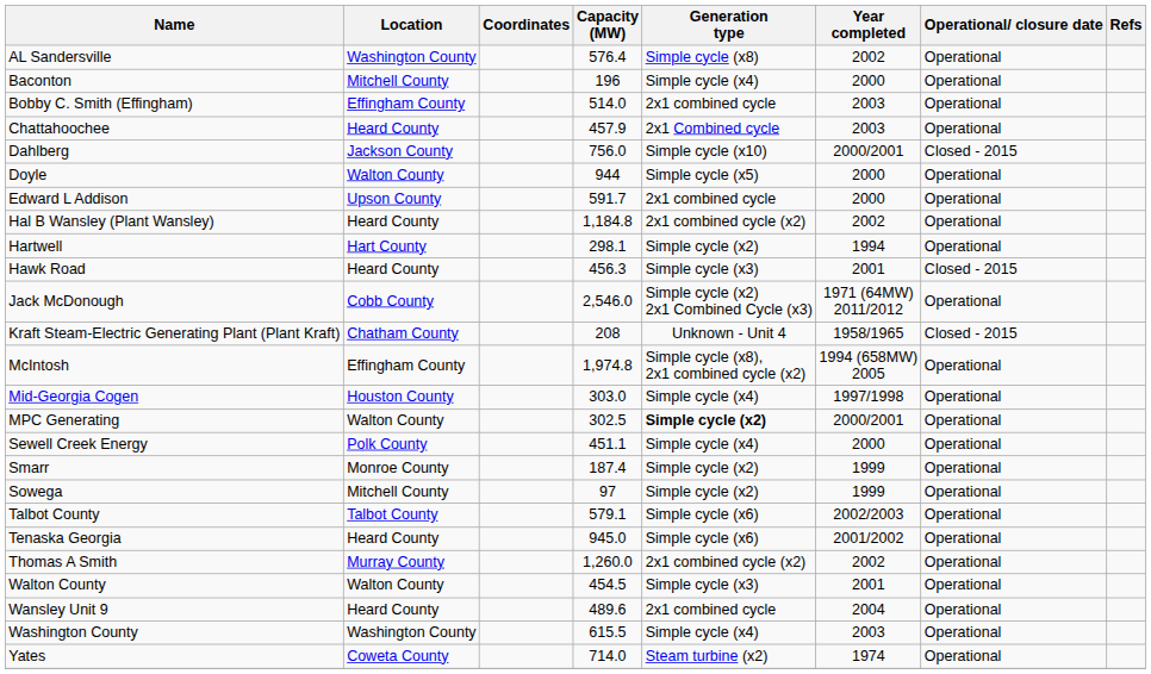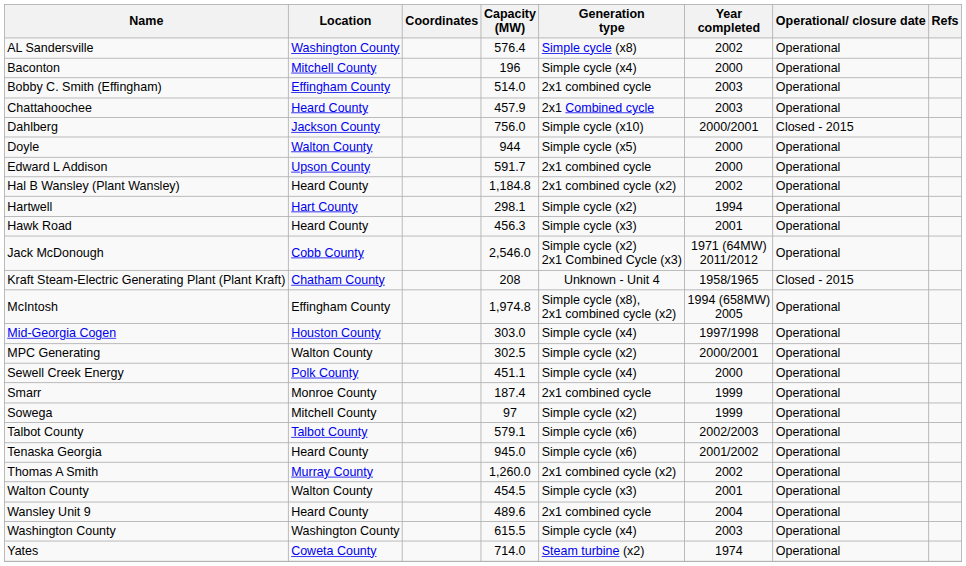 <table class="wikitable sortable">
 <tr>
 <th>Name</th>
 <th>Location</th>
 <th>Coordinates</th>
 <th>Capacity<br>(MW)</th>
 <th>Generation<br>type</th>
 <th>Year<br>completed</th>
 <th>Operational/ closure date</th>
 <th>Refs</th>
 </tr>
 <tr>
 <td>AL Sandersville</td>
 <td><a href='#'>Washington County</a></td>
 <td></td>
 <td align="center">576.4</td>
 <td><a href='#'>Simple cycle</a> (x8)</td>
 <td align="center">2002</td>
 <td>Operational</td>
 <td></td>
 </tr>
 <tr>
 <td>Baconton</td>
 <td><a href='#'>Mitchell County</a></td>
 <td></td>
 <td align="center">196</td>
 <td>Simple cycle (x4)</td>
 <td align="center">2000</td>
 <td>Operational</td>
 <td></td>
 </tr>
 <tr>
 <td>Bobby C. Smith (Effingham)</td>
 <td><a href='#'>Effingham County</a></td>
 <td></td>
 <td align="center">514.0</td>
 <td>2x1 combined cycle</td>
 <td align="center">2003</td>
 <td>Operational</td>
 <td></td>
 </tr>
 <tr>
 <td>Chattahoochee</td>
 <td><a href='#'>Heard County</a></td>
 <td></td>
 <td align="center">457.9</td>
 <td>2x1 <a href='#'>Combined cycle</a></td>
 <td align="center">2003</td>
 <td>Operational</td>
 <td></td>
 </tr>
 <tr>
 <td>Dahlberg</td>
 <td><a href='#'>Jackson County</a></td>
 <td></td>
 <td align="center">756.0</td>
 <td>Simple cycle (x10)</td>
 <td align="center">2000/2001</td>
 <td>Closed - 2015</td>
 <td></td>
 </tr>
 <tr>
 <td>Doyle</td>
 <td><a href='#'>Walton County</a></td>
 <td></td>
 <td align="center">944</td>
 <td>Simple cycle (x5)</td>
 <td align="center">2000</td>
 <td>Operational</td>
 <td></td>
 </tr>
 <tr>
 <td>Edward L Addison</td>
 <td><a href='#'>Upson County</a></td>
 <td></td>
 <td align="center">591.7</td>
 <td>2x1 combined cycle</td>
 <td align="center">2000</td>
 <td>Operational</td>
 <td></td>
 </tr>
 <tr>
 <td>Hal B Wansley (Plant Wansley)</td>
 <td>Heard County</td>
 <td></td>
 <td align="center">1,184.8</td>
 <td>2x1 combined cycle (x2)</td>
 <td align="center">2002</td>
 <td>Operational</td>
 <td></td>
 </tr>
 <tr>
 <td>Hartwell</td>
 <td><a href='#'>Hart County</a></td>
 <td></td>
 <td align="center">298.1</td>
 <td>Simple cycle (x2)</td>
 <td align="center">1994</td>
 <td>Operational</td>
 <td></td>
 </tr>
 <tr>
 <td>Hawk Road</td>
 <td>Heard County</td>
 <td></td>
 <td align="center">456.3</td>
 <td>Simple cycle (x3)</td>
 <td align="center">2001</td>
-<td>Closed - 2015</td>
+<td>Operational</td>
 <td></td>
 </tr>
 <tr>
 <td>Jack McDonough</td>
 <td><a href='#'>Cobb County</a></td>
 <td></td>
 <td align="center">2,546.0</td>
 <td>Simple cycle (x2)<br>2x1 Combined Cycle (x3)</td>
 <td align="center">1971 (64MW)<br>2011/2012</td>
 <td>Operational</td>
 <td></td>
 </tr>
 <tr>
 <td>Kraft Steam-Electric Generating Plant (Plant Kraft)</td>
 <td><a href='#'>Chatham County</a></td>
 <td></td>
 <td align="center">208</td>
 <td align="center">Unknown - Unit 4</td>
 <td align="center">1958/1965</td>
 <td>Closed - 2015</td>
 <td></td>
 </tr>
 <tr>
 <td>McIntosh</td>
 <td>Effingham County</td>
 <td></td>
 <td align="center">1,974.8</td>
 <td>Simple cycle (x8),<br>2x1 combined cycle (x2)</td>
 <td align="center">1994 (658MW)<br>2005</td>
 <td>Operational</td>
 <td></td>
 </tr>
 <tr>
 <td><a href='#'>Mid-Georgia Cogen</a></td>
 <td><a href='#'>Houston County</a></td>
 <td></td>
 <td align="center">303.0</td>
 <td>Simple cycle (x4)</td>
 <td align="center">1997/1998</td>
 <td>Operational</td>
 <td></td>
 </tr>
 <tr>
 <td>MPC Generating</td>
 <td>Walton County</td>
 <td></td>
 <td align="center">302.5</td>
-<td><strong>Simple cycle (x2)</strong></td>
+<td>Simple cycle (x2)</td>
 <td align="center">2000/2001</td>
 <td>Operational</td>
 <td></td>
 </tr>
 <tr>
 <td>Sewell Creek Energy</td>
 <td><a href='#'>Polk County</a></td>
 <td></td>
 <td align="center">451.1</td>
 <td>Simple cycle (x4)</td>
 <td align="center">2000</td>
 <td>Operational</td>
 <td></td>
 </tr>
 <tr>
 <td>Smarr</td>
 <td>Monroe County</td>
 <td></td>
 <td align="center">187.4</td>
-<td>Simple cycle (x2)</td>
+<td>2x1 combined cycle</td>
 <td align="center">1999</td>
 <td>Operational</td>
 <td></td>
 </tr>
 <tr>
 <td>Sowega</td>
 <td>Mitchell County</td>
 <td></td>
 <td align="center">97</td>
 <td>Simple cycle (x2)</td>
 <td align="center">1999</td>
 <td>Operational</td>
 <td></td>
 </tr>
 <tr>
 <td>Talbot County</td>
 <td><a href='#'>Talbot County</a></td>
 <td></td>
 <td align="center">579.1</td>
 <td>Simple cycle (x6)</td>
 <td align="center">2002/2003</td>
 <td>Operational</td>
 <td></td>
 </tr>
 <tr>
 <td>Tenaska Georgia</td>
 <td>Heard County</td>
 <td></td>
 <td align="center">945.0</td>
 <td>Simple cycle (x6)</td>
 <td align="center">2001/2002</td>
 <td>Operational</td>
 <td></td>
 </tr>
 <tr>
 <td>Thomas A Smith</td>
 <td><a href='#'>Murray County</a></td>
 <td></td>
 <td align="center">1,260.0</td>
 <td>2x1 combined cycle (x2)</td>
 <td align="center">2002</td>
 <td>Operational</td>
 <td></td>
 </tr>
 <tr>
 <td>Walton County</td>
 <td>Walton County</td>
 <td></td>
 <td align="center">454.5</td>
 <td>Simple cycle (x3)</td>
 <td align="center">2001</td>
 <td>Operational</td>
 <td></td>
 </tr>
 <tr>
 <td>Wansley Unit 9</td>
 <td>Heard County</td>
 <td></td>
 <td align="center">489.6</td>
 <td>2x1 combined cycle</td>
 <td align="center">2004</td>
 <td>Operational</td>
 <td></td>
 </tr>
 <tr>
 <td>Washington County</td>
 <td>Washington County</td>
 <td></td>
 <td align="center">615.5</td>
 <td>Simple cycle (x4)</td>
 <td align="center">2003</td>
 <td>Operational</td>
 <td></td>
 </tr>
 <tr>
 <td>Yates</td>
 <td><a href='#'>Coweta County</a></td>
 <td></td>
 <td align="center">714.0</td>
 <td><a href='#'>Steam turbine</a> (x2)</td>
 <td align="center">1974</td>
 <td>Operational</td>
 <td></td>
 </tr>
 <tr>
 </tr>
 </table>
